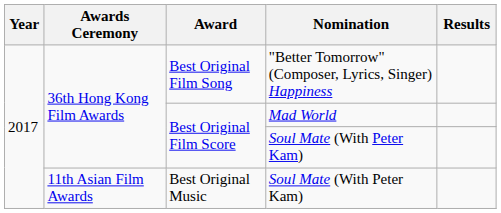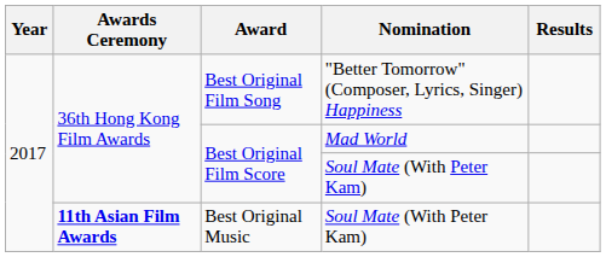 <table class="wikitable" width="84%"　style="text-align: center;">
 <tr align=center>
 <th width="4%">Year</th>
 <th width="22%">Awards Ceremony</th>
 <th width="18%">Award</th>
 <th width="31%">Nomination</th>
 <th width="9%">Results</th>
 </tr>
 <tr>
 <td rowspan="4">2017</td>
 <td rowspan="3"><a href='#'>36th Hong Kong Film Awards</a></td>
 <td><a href='#'>Best Original Film Song</a></td>
 <td>"Better Tomorrow" (Composer, Lyrics, Singer)<br> <em><a href='#'>Happiness</a></em></td>
 <td></td>
 </tr>
 <tr>
 <td rowspan="2"><a href='#'>Best Original Film Score</a></td>
 <td><em><a href='#'>Mad World</a></em></td>
 <td></td>
 </tr>
 <tr>
 <td><em><a href='#'>Soul Mate</a></em> (With <a href='#'>Peter Kam</a>)</td>
 <td></td>
 </tr>
 <tr>
-<td><a href='#'>11th Asian Film Awards</a></td>
+<td><strong><a href='#'>11th Asian Film Awards</a></strong></td>
 <td>Best Original Music</td>
 <td><em><a href='#'>Soul Mate</a></em> (With Peter Kam)</td>
 <td></td>
 </tr>
 </table>
